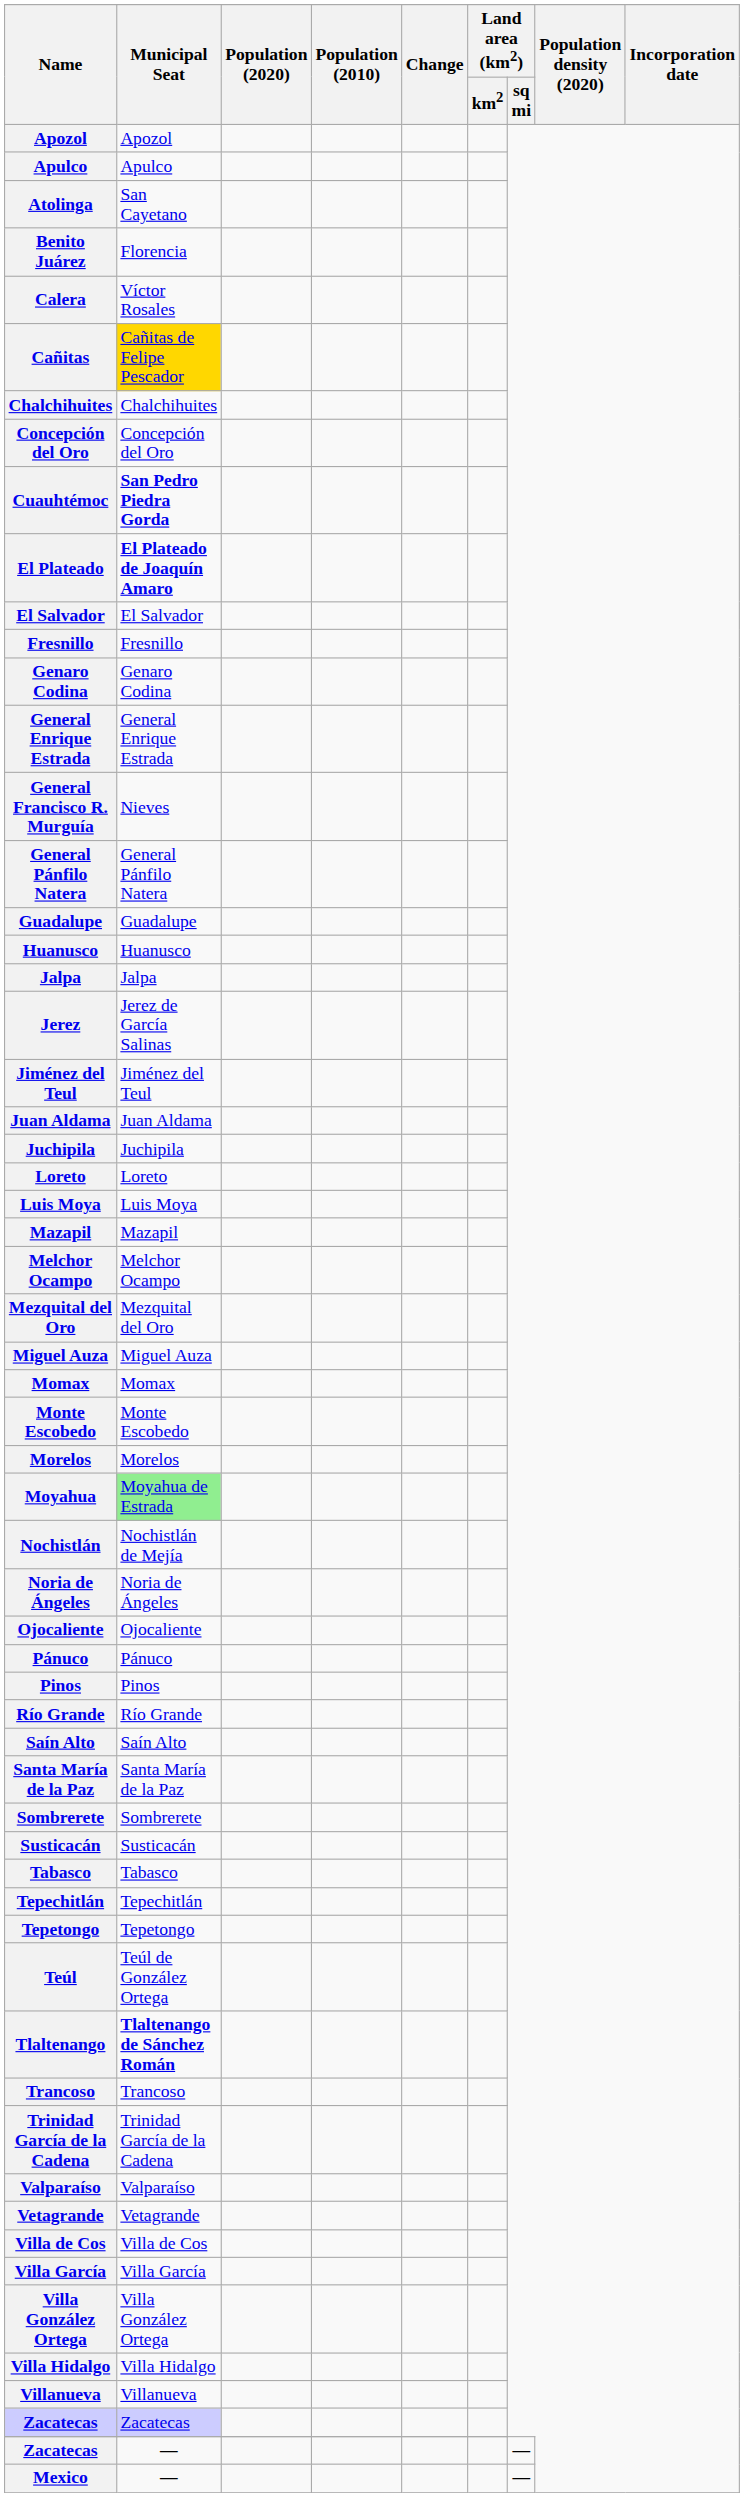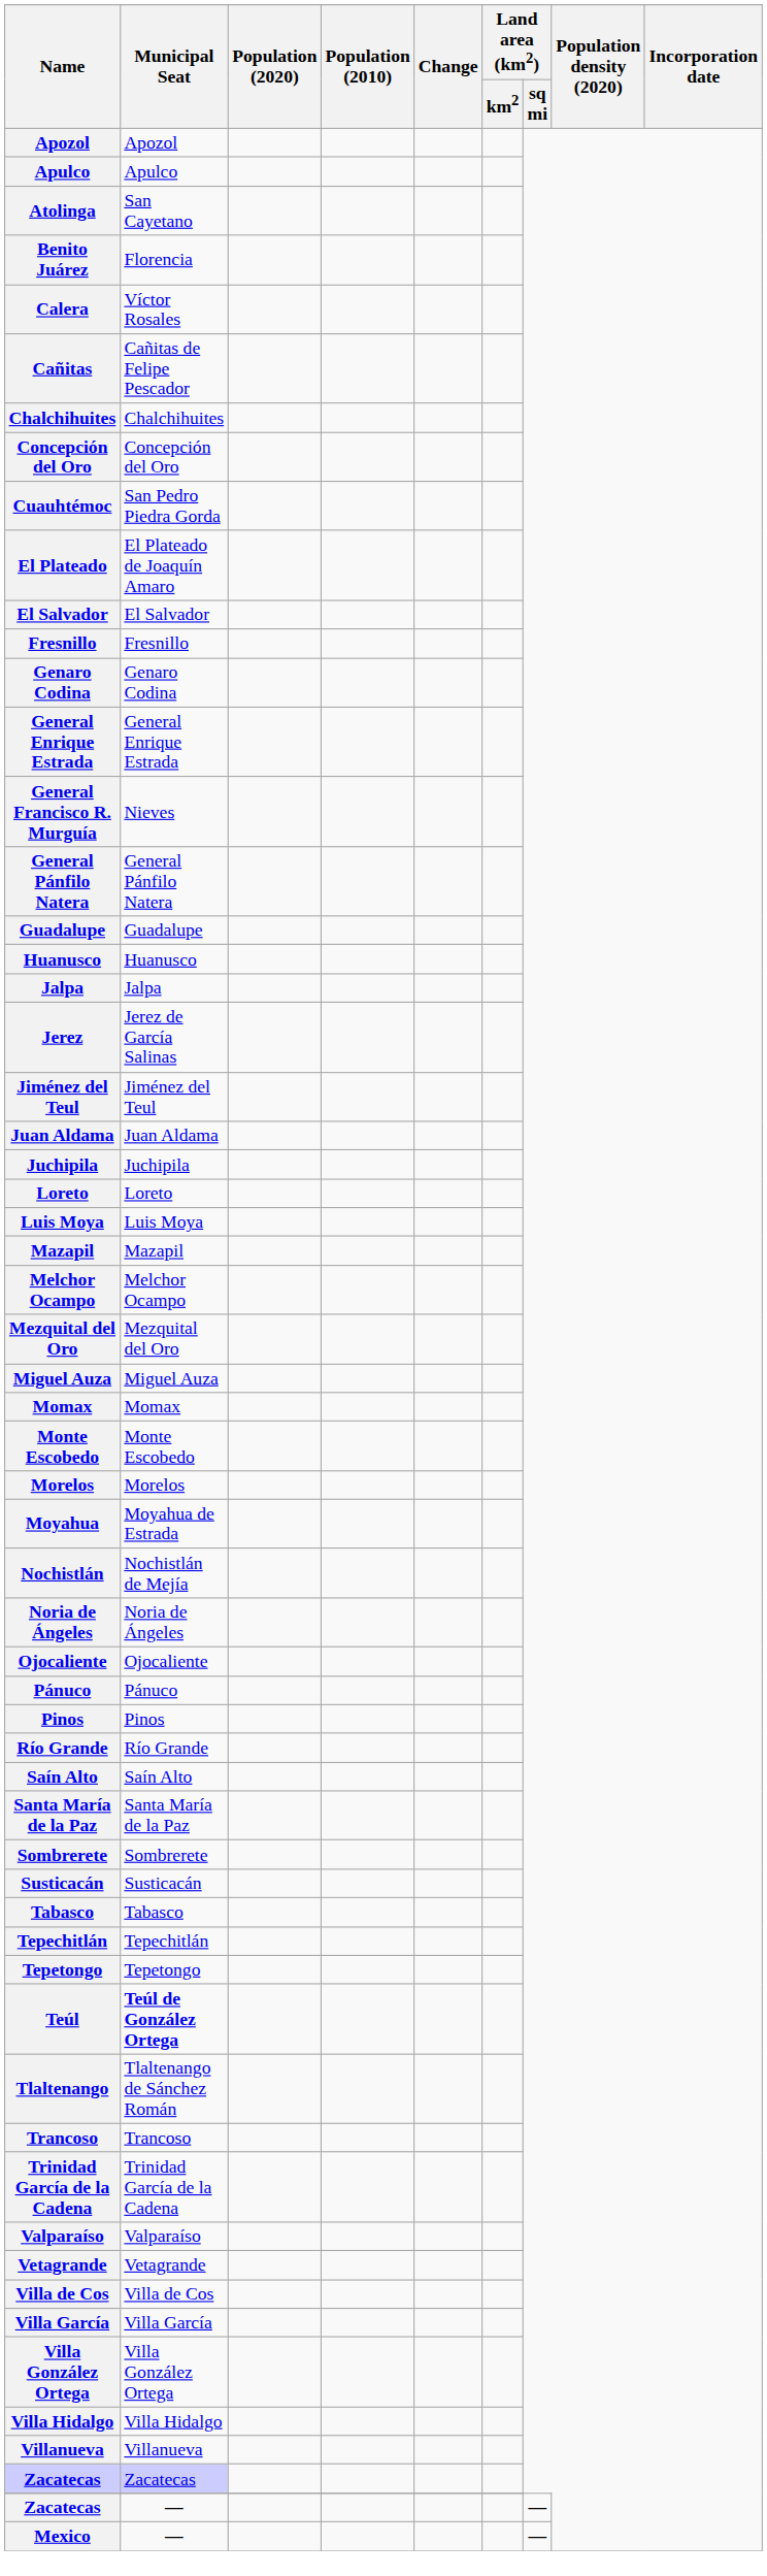 <table class="wikitable sortable" style="text-align:right;">
 <tr>
 </tr>
 <tr>
 <th scope="col"  rowspan=2>Name</th>
 <th scope="col"  rowspan=2>Municipal Seat</th>
 <th scope="col"  rowspan=2>Population<br>(2020)</th>
 <th scope="col"  rowspan=2>Population<br>(2010)</th>
 <th scope="col"  rowspan=2>Change</th>
 <th scope="col" data-sort-type="number"  colspan=2>Land area (km<sup>2</sup>) </th>
 <th scope="col" data-sort-type="number"  rowspan=2>Population density (2020)</th>
 <th scope="col"  rowspan=2>Incorporation date</th>
 </tr>
 <tr>
 <th scope="col">km<sup>2</sup></th>
 <th scope="col">sq mi</th>
 </tr>
 <tr>
 <th scope="row" align="left"><a href='#'>Apozol</a></th>
 <td align=left><a href='#'>Apozol</a></td>
 <td></td>
 <td></td>
 <td></td>
 <td></td>
 </tr>
 <tr>
 <th scope="row" align="left"><a href='#'>Apulco</a></th>
 <td align=left><a href='#'>Apulco</a></td>
 <td></td>
 <td></td>
 <td></td>
 <td></td>
 </tr>
 <tr>
 <th scope="row" align="left"><a href='#'>Atolinga</a></th>
 <td align=left><a href='#'>San Cayetano</a></td>
 <td></td>
 <td></td>
 <td></td>
 <td></td>
 </tr>
 <tr>
 <th scope="row" align="left"><a href='#'>Benito Juárez</a></th>
 <td align=left><a href='#'>Florencia</a></td>
 <td></td>
 <td></td>
 <td></td>
 <td></td>
 </tr>
 <tr>
 <th scope="row" align="left"><a href='#'>Calera</a></th>
 <td align=left><a href='#'>Víctor Rosales</a></td>
 <td></td>
 <td></td>
 <td></td>
 <td></td>
 </tr>
 <tr>
 <th scope="row" align="left"><a href='#'>Cañitas</a></th>
-<td align=left style="background: gold;"><a href='#'>Cañitas de Felipe Pescador</a></td>
+<td align=left><a href='#'>Cañitas de Felipe Pescador</a></td>
 <td></td>
 <td></td>
 <td></td>
 <td></td>
 </tr>
 <tr>
 <th scope="row" align="left"><a href='#'>Chalchihuites</a></th>
 <td align=left><a href='#'>Chalchihuites</a></td>
 <td></td>
 <td></td>
 <td></td>
 <td></td>
 </tr>
 <tr>
 <th scope="row" align="left"><a href='#'>Concepción del Oro</a></th>
 <td align=left><a href='#'>Concepción del Oro</a></td>
 <td></td>
 <td></td>
 <td></td>
 <td></td>
 </tr>
 <tr>
 <th scope="row" align="left"><a href='#'>Cuauhtémoc</a></th>
-<td align=left><strong><a href='#'>San Pedro Piedra Gorda</a></strong></td>
+<td align=left><a href='#'>San Pedro Piedra Gorda</a></td>
 <td></td>
 <td></td>
 <td></td>
 <td></td>
 </tr>
 <tr>
 <th scope="row" align="left"><a href='#'>El Plateado</a></th>
-<td align=left><strong><a href='#'>El Plateado de Joaquín Amaro</a></strong></td>
+<td align=left><a href='#'>El Plateado de Joaquín Amaro</a></td>
 <td></td>
 <td></td>
 <td></td>
 <td></td>
 </tr>
 <tr>
 <th scope="row" align="left"><a href='#'>El Salvador</a></th>
 <td align=left><a href='#'>El Salvador</a></td>
 <td></td>
 <td></td>
 <td></td>
 <td></td>
 </tr>
 <tr>
 <th scope="row" align="left"><a href='#'>Fresnillo</a></th>
 <td align=left><a href='#'>Fresnillo</a></td>
 <td></td>
 <td></td>
 <td></td>
 <td></td>
 </tr>
 <tr>
 <th scope="row" align="left"><a href='#'>Genaro Codina</a></th>
 <td align=left><a href='#'>Genaro Codina</a></td>
 <td></td>
 <td></td>
 <td></td>
 <td></td>
 </tr>
 <tr>
 <th scope="row" align="left"><a href='#'>General Enrique Estrada</a></th>
 <td align=left><a href='#'>General Enrique Estrada</a></td>
 <td></td>
 <td></td>
 <td></td>
 <td></td>
 </tr>
 <tr>
 <th scope="row" align="left"><a href='#'>General Francisco R. Murguía</a></th>
 <td align=left><a href='#'>Nieves</a></td>
 <td></td>
 <td></td>
 <td></td>
 <td></td>
 </tr>
 <tr>
 <th scope="row" align="left"><a href='#'>General Pánfilo Natera</a></th>
 <td align=left><a href='#'>General Pánfilo Natera</a></td>
 <td></td>
 <td></td>
 <td></td>
 <td></td>
 </tr>
 <tr>
 <th scope="row" align="left"><a href='#'>Guadalupe</a></th>
 <td align=left><a href='#'>Guadalupe</a></td>
 <td></td>
 <td></td>
 <td></td>
 <td></td>
 </tr>
 <tr>
 <th scope="row" align="left"><a href='#'>Huanusco</a></th>
 <td align=left><a href='#'>Huanusco</a></td>
 <td></td>
 <td></td>
 <td></td>
 <td></td>
 </tr>
 <tr>
 <th scope="row" align="left"><a href='#'>Jalpa</a></th>
 <td align=left><a href='#'>Jalpa</a></td>
 <td></td>
 <td></td>
 <td></td>
 <td></td>
 </tr>
 <tr>
 <th scope="row" align="left"><a href='#'>Jerez</a></th>
 <td align=left><a href='#'>Jerez de García Salinas</a></td>
 <td></td>
 <td></td>
 <td></td>
 <td></td>
 </tr>
 <tr>
 <th scope="row" align="left"><a href='#'>Jiménez del Teul</a></th>
 <td align=left><a href='#'>Jiménez del Teul</a></td>
 <td></td>
 <td></td>
 <td></td>
 <td></td>
 </tr>
 <tr>
 <th scope="row" align="left"><a href='#'>Juan Aldama</a></th>
 <td align=left><a href='#'>Juan Aldama</a></td>
 <td></td>
 <td></td>
 <td></td>
 <td></td>
 </tr>
 <tr>
 <th scope="row" align="left"><a href='#'>Juchipila</a></th>
 <td align=left><a href='#'>Juchipila</a></td>
 <td></td>
 <td></td>
 <td></td>
 <td></td>
 </tr>
 <tr>
 <th scope="row" align="left"><a href='#'>Loreto</a></th>
 <td align=left><a href='#'>Loreto</a></td>
 <td></td>
 <td></td>
 <td></td>
 <td></td>
 </tr>
 <tr>
 <th scope="row" align="left"><a href='#'>Luis Moya</a></th>
 <td align=left><a href='#'>Luis Moya</a></td>
 <td></td>
 <td></td>
 <td></td>
 <td></td>
 </tr>
 <tr>
 <th scope="row" align="left"><a href='#'>Mazapil</a></th>
 <td align=left><a href='#'>Mazapil</a></td>
 <td></td>
 <td></td>
 <td></td>
 <td></td>
 </tr>
 <tr>
 <th scope="row" align="left"><a href='#'>Melchor Ocampo</a></th>
 <td align=left><a href='#'>Melchor Ocampo</a></td>
 <td></td>
 <td></td>
 <td></td>
 <td></td>
 </tr>
 <tr>
 <th scope="row" align="left"><a href='#'>Mezquital del Oro</a></th>
 <td align=left><a href='#'>Mezquital del Oro</a></td>
 <td></td>
 <td></td>
 <td></td>
 <td></td>
 </tr>
 <tr>
 <th scope="row" align="left"><a href='#'>Miguel Auza</a></th>
 <td align=left><a href='#'>Miguel Auza</a></td>
 <td></td>
 <td></td>
 <td></td>
 <td></td>
 </tr>
 <tr>
 <th scope="row" align="left"><a href='#'>Momax</a></th>
 <td align=left><a href='#'>Momax</a></td>
 <td></td>
 <td></td>
 <td></td>
 <td></td>
 </tr>
 <tr>
 <th scope="row" align="left"><a href='#'>Monte Escobedo</a></th>
 <td align=left><a href='#'>Monte Escobedo</a></td>
 <td></td>
 <td></td>
 <td></td>
 <td></td>
 </tr>
 <tr>
 <th scope="row" align="left"><a href='#'>Morelos</a></th>
 <td align=left><a href='#'>Morelos</a></td>
 <td></td>
 <td></td>
 <td></td>
 <td></td>
 </tr>
 <tr>
 <th scope="row" align="left"><a href='#'>Moyahua</a></th>
-<td align=left style="background: lightgreen;"><a href='#'>Moyahua de Estrada</a></td>
+<td align=left><a href='#'>Moyahua de Estrada</a></td>
 <td></td>
 <td></td>
 <td></td>
 <td></td>
 </tr>
 <tr>
 <th scope="row" align="left"><a href='#'>Nochistlán</a></th>
 <td align=left><a href='#'>Nochistlán de Mejía</a></td>
 <td></td>
 <td></td>
 <td></td>
 <td></td>
 </tr>
 <tr>
 <th scope="row" align="left"><a href='#'>Noria de Ángeles</a></th>
 <td align=left><a href='#'>Noria de Ángeles</a></td>
 <td></td>
 <td></td>
 <td></td>
 <td></td>
 </tr>
 <tr>
 <th scope="row" align="left"><a href='#'>Ojocaliente</a></th>
 <td align=left><a href='#'>Ojocaliente</a></td>
 <td></td>
 <td></td>
 <td></td>
 <td></td>
 </tr>
 <tr>
 <th scope="row" align="left"><a href='#'>Pánuco</a></th>
 <td align=left><a href='#'>Pánuco</a></td>
 <td></td>
 <td></td>
 <td></td>
 <td></td>
 </tr>
 <tr>
 <th scope="row" align="left"><a href='#'>Pinos</a></th>
 <td align=left><a href='#'>Pinos</a></td>
 <td></td>
 <td></td>
 <td></td>
 <td></td>
 </tr>
 <tr>
 <th scope="row" align="left"><a href='#'>Río Grande</a></th>
 <td align=left><a href='#'>Río Grande</a></td>
 <td></td>
 <td></td>
 <td></td>
 <td></td>
 </tr>
 <tr>
 <th scope="row" align="left"><a href='#'>Saín Alto</a></th>
 <td align=left><a href='#'>Saín Alto</a></td>
 <td></td>
 <td></td>
 <td></td>
 <td></td>
 </tr>
 <tr>
 <th scope="row" align="left"><a href='#'>Santa María de la Paz</a></th>
 <td align=left><a href='#'>Santa María de la Paz</a></td>
 <td></td>
 <td></td>
 <td></td>
 <td></td>
 </tr>
 <tr>
 <th scope="row" align="left"><a href='#'>Sombrerete</a></th>
 <td align=left><a href='#'>Sombrerete</a></td>
 <td></td>
 <td></td>
 <td></td>
 <td></td>
 </tr>
 <tr>
 <th scope="row" align="left"><a href='#'>Susticacán</a></th>
 <td align=left><a href='#'>Susticacán</a></td>
 <td></td>
 <td></td>
 <td></td>
 <td></td>
 </tr>
 <tr>
 <th scope="row" align="left"><a href='#'>Tabasco</a></th>
 <td align=left><a href='#'>Tabasco</a></td>
 <td></td>
 <td></td>
 <td></td>
 <td></td>
 </tr>
 <tr>
 <th scope="row" align="left"><a href='#'>Tepechitlán</a></th>
 <td align=left><a href='#'>Tepechitlán</a></td>
 <td></td>
 <td></td>
 <td></td>
 <td></td>
 </tr>
 <tr>
 <th scope="row" align="left"><a href='#'>Tepetongo</a></th>
 <td align=left><a href='#'>Tepetongo</a></td>
 <td></td>
 <td></td>
 <td></td>
 <td></td>
 </tr>
 <tr>
 <th scope="row" align="left"><a href='#'>Teúl</a></th>
-<td align=left><a href='#'>Teúl de González Ortega</a></td>
+<td align=left><strong><a href='#'>Teúl de González Ortega</a></strong></td>
 <td></td>
 <td></td>
 <td></td>
 <td></td>
 </tr>
 <tr>
 <th scope="row" align="left"><a href='#'>Tlaltenango</a></th>
-<td align=left><strong><a href='#'>Tlaltenango de Sánchez Román</a></strong></td>
+<td align=left><a href='#'>Tlaltenango de Sánchez Román</a></td>
 <td></td>
 <td></td>
 <td></td>
 <td></td>
 </tr>
 <tr>
 <th scope="row" align="left"><a href='#'>Trancoso</a></th>
 <td align=left><a href='#'>Trancoso</a></td>
 <td></td>
 <td></td>
 <td></td>
 <td></td>
 </tr>
 <tr>
 <th scope="row" align="left"><a href='#'>Trinidad García de la Cadena</a></th>
 <td align=left><a href='#'>Trinidad García de la Cadena</a></td>
 <td></td>
 <td></td>
 <td></td>
 <td></td>
 </tr>
 <tr>
 <th scope="row" align="left"><a href='#'>Valparaíso</a></th>
 <td align=left><a href='#'>Valparaíso</a></td>
 <td></td>
 <td></td>
 <td></td>
 <td></td>
 </tr>
 <tr>
 <th scope="row" align="left"><a href='#'>Vetagrande</a></th>
 <td align=left><a href='#'>Vetagrande</a></td>
 <td></td>
 <td></td>
 <td></td>
 <td></td>
 </tr>
 <tr>
 <th scope="row" align="left"><a href='#'>Villa de Cos</a></th>
 <td align=left><a href='#'>Villa de Cos</a></td>
 <td></td>
 <td></td>
 <td></td>
 <td></td>
 </tr>
 <tr>
 <th scope="row" align="left"><a href='#'>Villa García</a></th>
 <td align=left><a href='#'>Villa García</a></td>
 <td></td>
 <td></td>
 <td></td>
 <td></td>
 </tr>
 <tr>
 <th scope="row" align="left"><a href='#'>Villa González Ortega</a></th>
 <td align=left><a href='#'>Villa González Ortega</a></td>
 <td></td>
 <td></td>
 <td></td>
 <td></td>
 </tr>
 <tr>
 <th scope="row" align="left"><a href='#'>Villa Hidalgo</a></th>
 <td align=left><a href='#'>Villa Hidalgo</a></td>
 <td></td>
 <td></td>
 <td></td>
 <td></td>
 </tr>
 <tr>
 <th scope="row" align="left"><a href='#'>Villanueva</a></th>
 <td align=left><a href='#'>Villanueva</a></td>
 <td></td>
 <td></td>
 <td></td>
 <td></td>
 </tr>
 <tr>
 <th scope="row" align="left" style="background:#CCF;"><a href='#'>Zacatecas</a></th>
 <td align=left style="background:#CCF;"><a href='#'>Zacatecas</a></td>
 <td></td>
 <td></td>
 <td></td>
 <td></td>
 </tr>
 <tr>
 </tr>
 <tr class="sortbottom" style="text-align:center;" style="background: #f2f2f2;">
 <th scope="row" align="left"><strong><a href='#'>Zacatecas</a></strong></th>
 <td><strong>—</strong></td>
 <td></td>
 <td><strong></strong></td>
 <td><strong></strong></td>
 <td align="right"><strong></strong></td>
 <td><strong>—</strong></td>
 </tr>
 <tr class="sortbottom" style="text-align:center;" style="background: #f2f2f2;">
 <th scope="row" align="left"><strong><a href='#'>Mexico</a></strong></th>
 <td><strong>—</strong></td>
 <td></td>
 <td><strong></strong></td>
 <td><strong></strong></td>
 <td align="right"><strong></strong></td>
 <td><strong>—</strong></td>
 </tr>
 </table>
